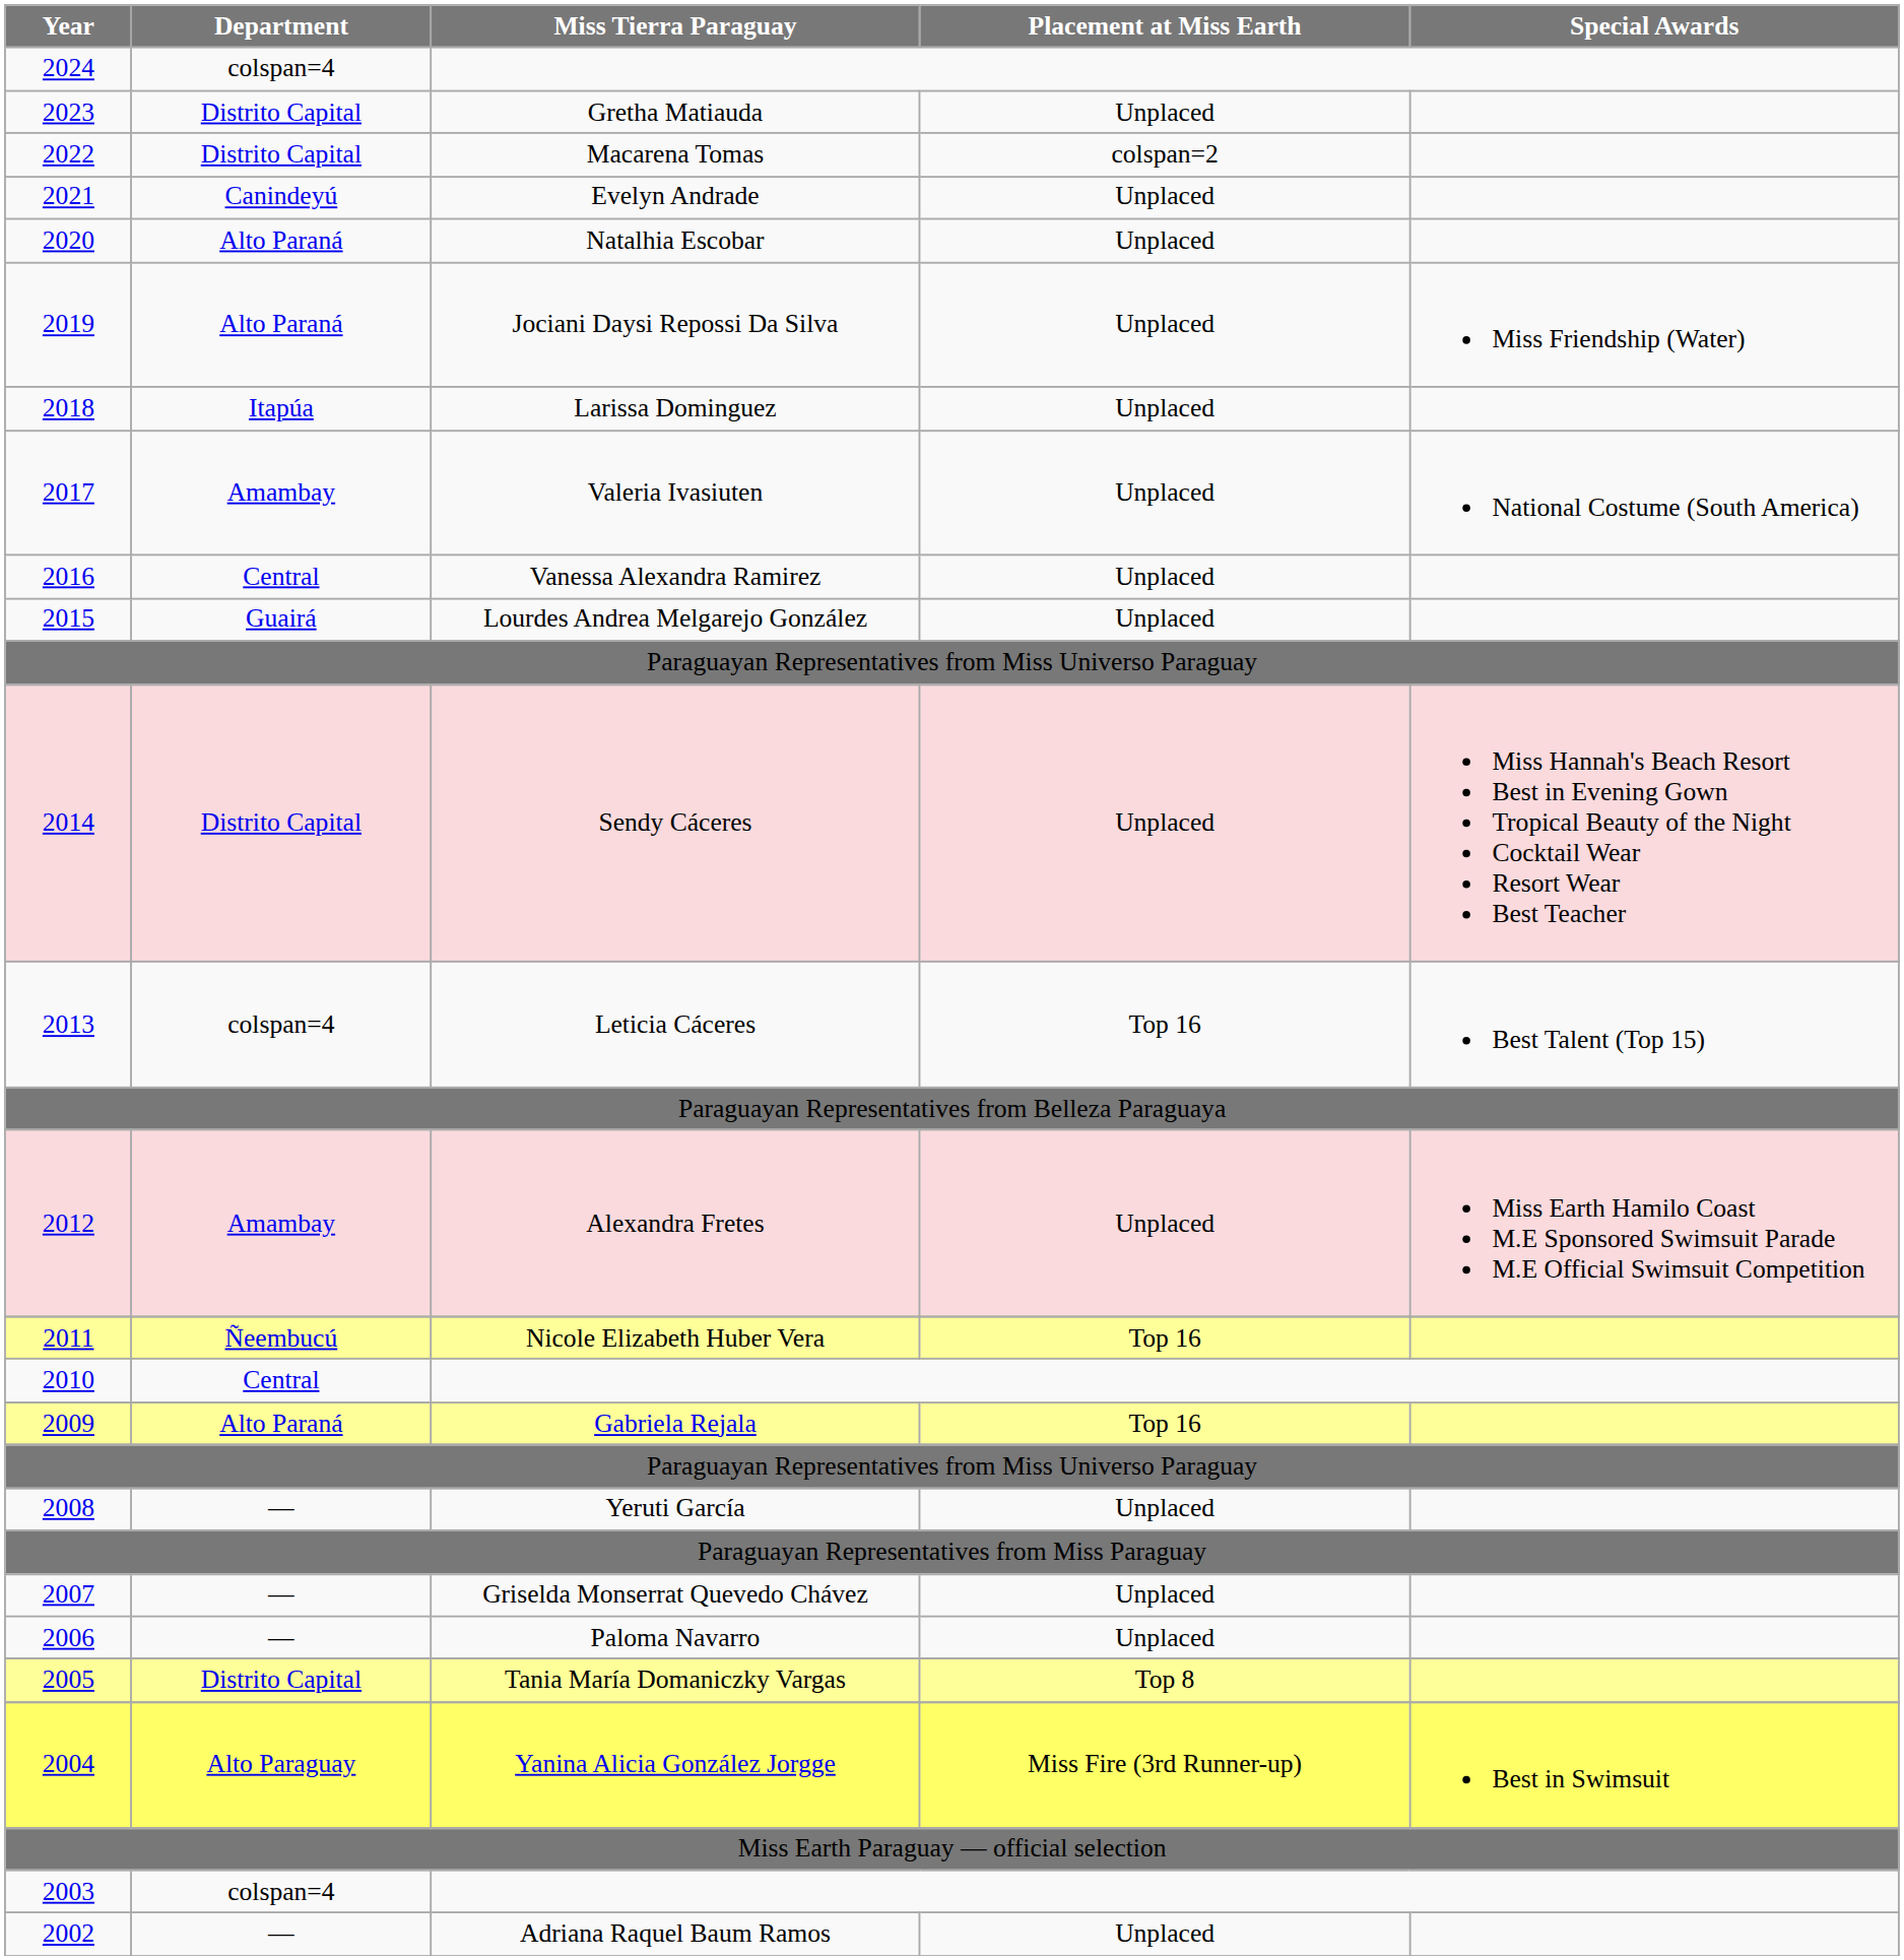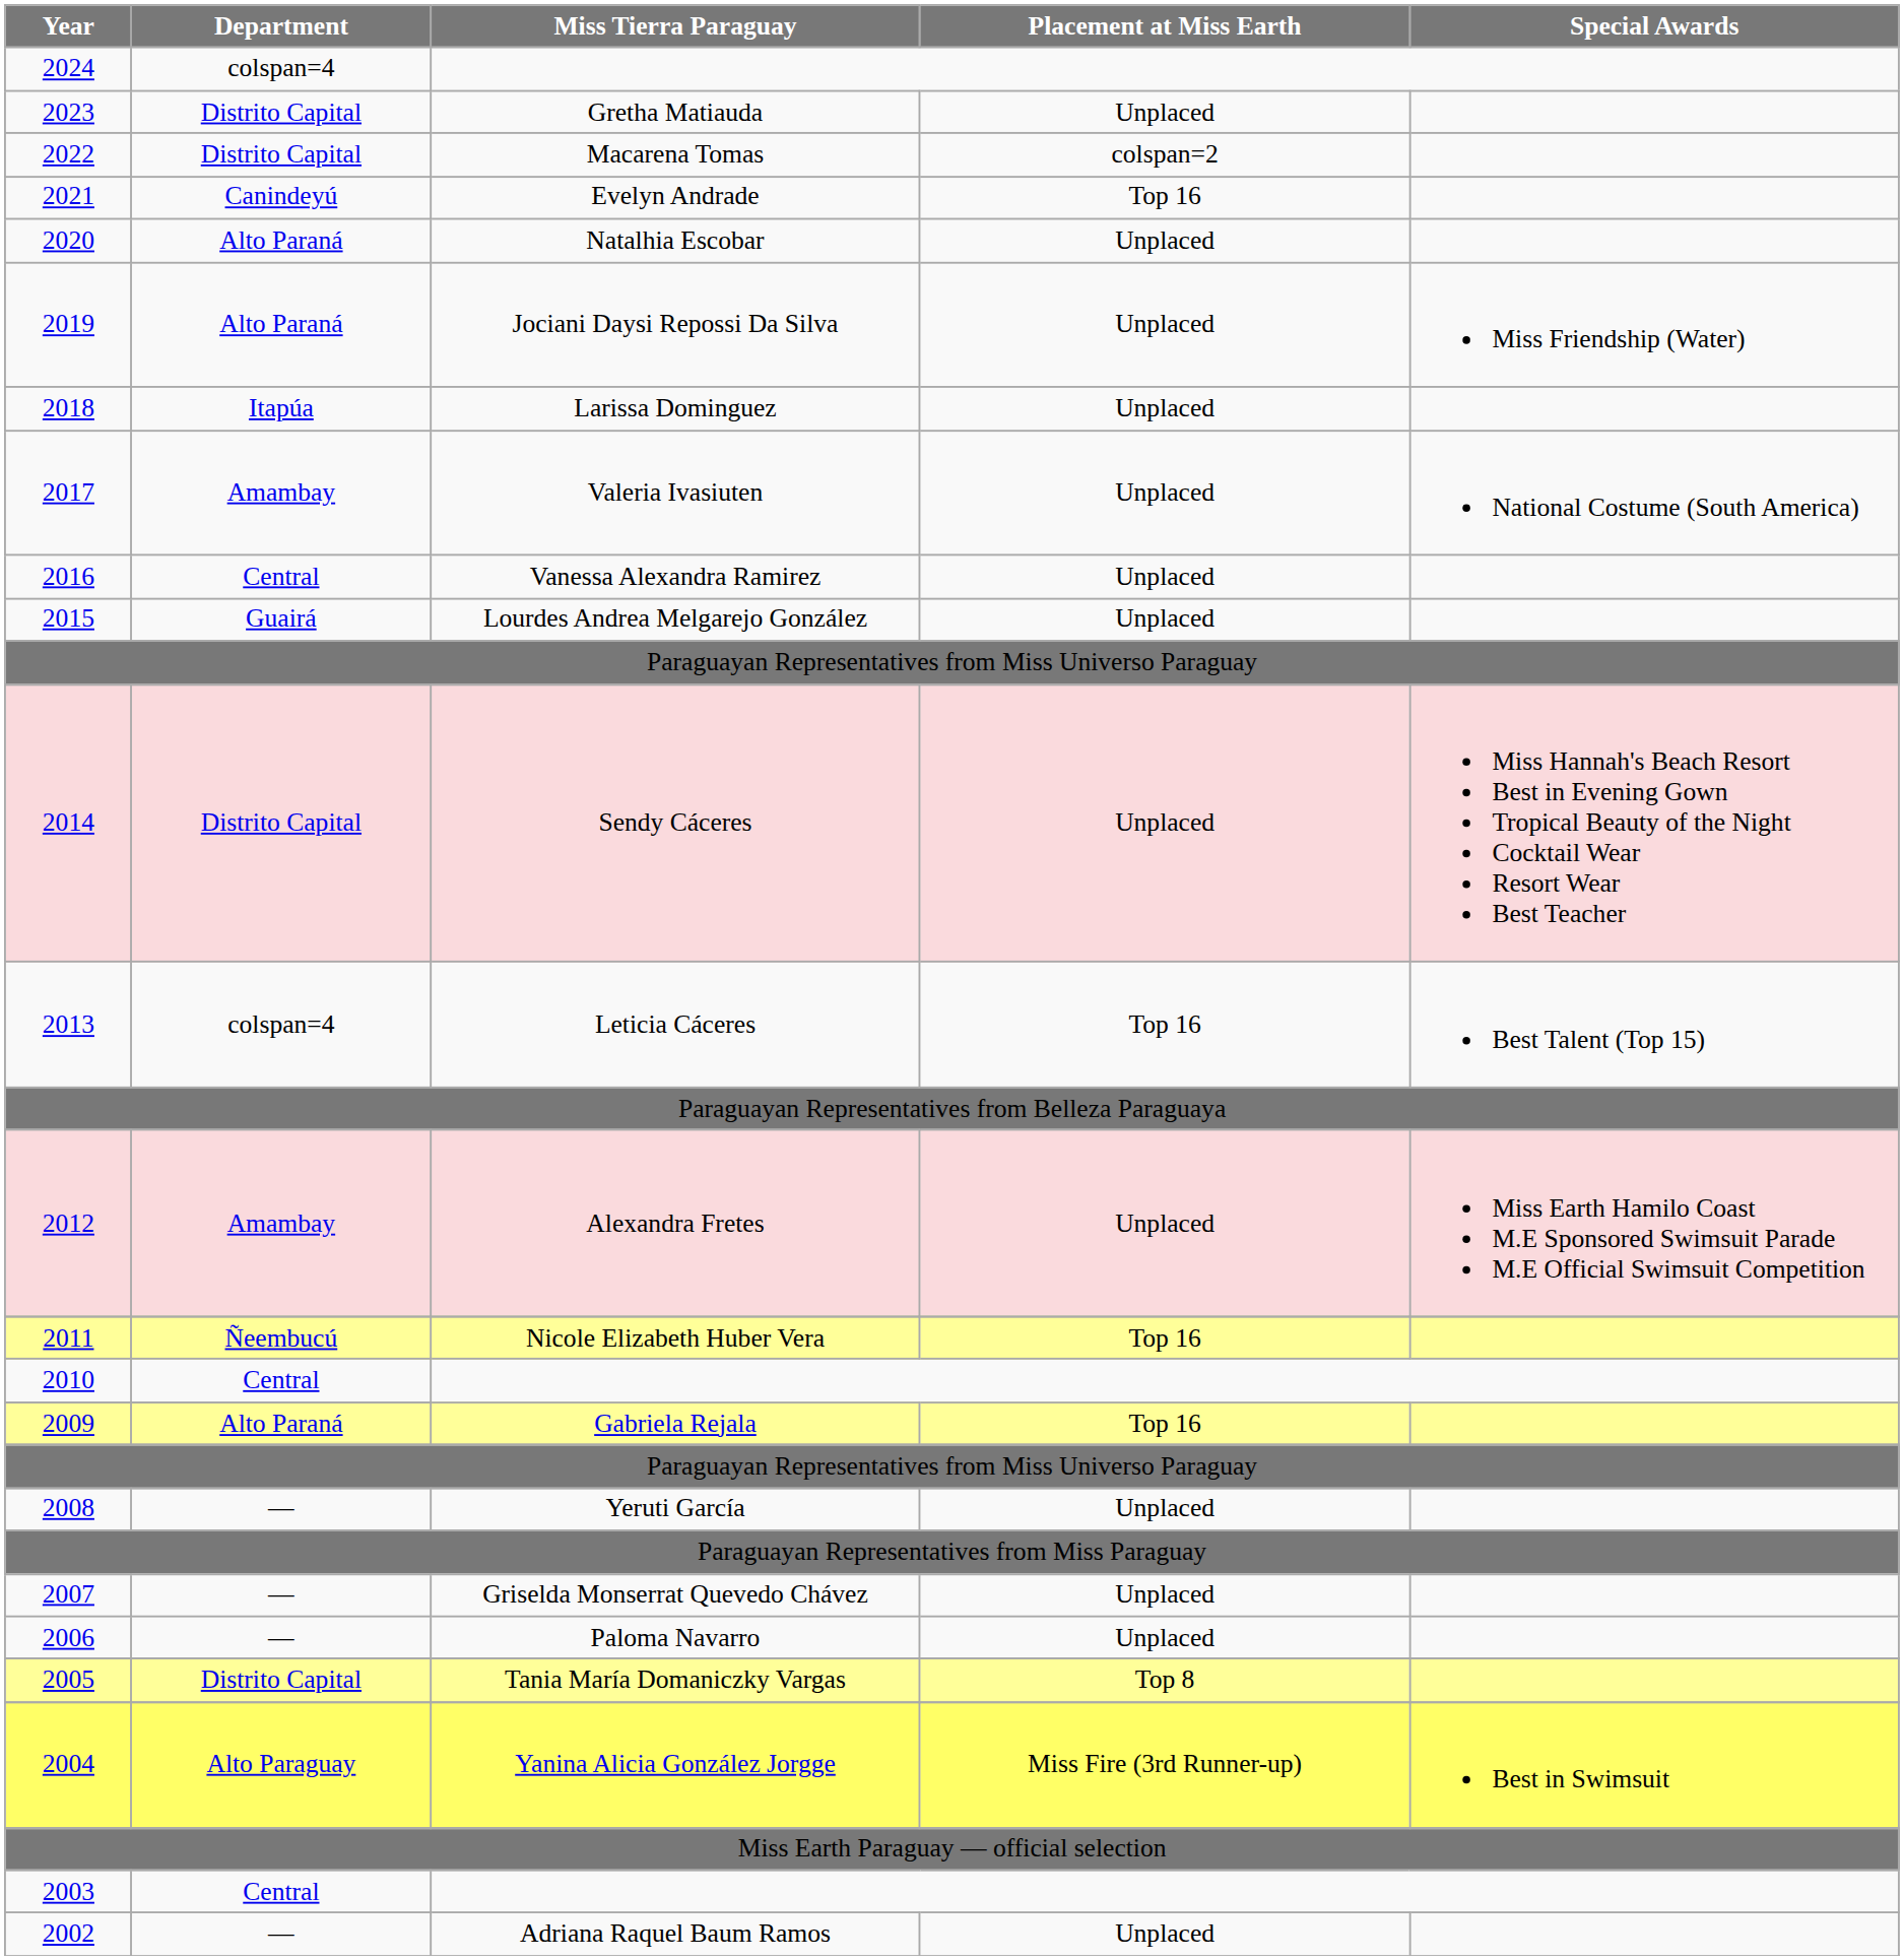 <table class="wikitable " style="font-size: 85%; text-align:center">
 <tr>
 <th width="60" style="background-color:#787878;color:#FFFFFF;">Year</th>
 <th width="150" style="background-color:#787878;color:#FFFFFF;">Department</th>
 <th width="250" style="background-color:#787878;color:#FFFFFF;">Miss Tierra Paraguay</th>
 <th width="250" style="background-color:#787878;color:#FFFFFF;">Placement at Miss Earth</th>
 <th width="250" style="background-color:#787878;color:#FFFFFF;">Special Awards</th>
 </tr>
 <tr>
 <td><a href='#'>2024</a></td>
 <td>colspan=4 </td>
 </tr>
 <tr>
 <td><a href='#'>2023</a></td>
 <td><a href='#'>Distrito Capital</a></td>
 <td>Gretha Matiauda</td>
 <td>Unplaced</td>
 <td></td>
 </tr>
 <tr>
 <td><a href='#'>2022</a></td>
 <td><a href='#'>Distrito Capital</a></td>
 <td>Macarena Tomas</td>
 <td>colspan=2 </td>
 </tr>
 <tr>
 <td><a href='#'>2021</a></td>
 <td><a href='#'>Canindeyú</a></td>
 <td>Evelyn Andrade</td>
-<td>Unplaced</td>
+<td>Top 16</td>
 <td></td>
 </tr>
 <tr>
 <td><a href='#'>2020</a></td>
 <td><a href='#'>Alto Paraná</a></td>
 <td>Natalhia Escobar</td>
 <td>Unplaced</td>
 <td></td>
 </tr>
 <tr>
 <td><a href='#'>2019</a></td>
 <td><a href='#'>Alto Paraná</a></td>
 <td>Jociani Daysi Repossi Da Silva</td>
 <td>Unplaced</td>
 <td align="left"><br><ul><li> Miss Friendship (Water)</li></ul></td>
 </tr>
 <tr>
 <td><a href='#'>2018</a></td>
 <td><a href='#'>Itapúa</a></td>
 <td>Larissa Dominguez</td>
 <td>Unplaced</td>
 <td></td>
 </tr>
 <tr>
 <td><a href='#'>2017</a></td>
 <td><a href='#'>Amambay</a></td>
 <td>Valeria Ivasiuten</td>
 <td>Unplaced</td>
 <td align="left"><br><ul><li> National Costume (South America)</li></ul></td>
 </tr>
 <tr>
 <td><a href='#'>2016</a></td>
 <td><a href='#'>Central</a></td>
 <td>Vanessa Alexandra Ramirez</td>
 <td>Unplaced</td>
 <td></td>
 </tr>
 <tr>
 <td><a href='#'>2015</a></td>
 <td><a href='#'>Guairá</a></td>
 <td>Lourdes Andrea Melgarejo González</td>
 <td>Unplaced</td>
 <td></td>
 </tr>
 <tr>
 </tr>
 <tr bgcolor="#787878" align="center">
 <td colspan="5"><span>Paraguayan Representatives from Miss Universo Paraguay</span></td>
 </tr>
 <tr>
 </tr>
 <tr style="background-color:#FADADD;">
 <td><a href='#'>2014</a></td>
 <td><a href='#'>Distrito Capital</a></td>
 <td>Sendy Cáceres</td>
 <td>Unplaced</td>
 <td align="left"><br><ul><li>Miss Hannah's Beach Resort</li><li>Best in Evening Gown</li><li>Tropical Beauty of the Night</li><li> Cocktail Wear</li><li> Resort Wear</li><li> Best Teacher</li></ul></td>
 </tr>
 <tr>
 <td><a href='#'>2013</a></td>
 <td>colspan=4 </td>
 <td>Leticia Cáceres</td>
 <td>Top 16</td>
 <td align="left"><br><ul><li>Best Talent (Top 15)</li></ul></td>
 </tr>
 <tr>
 </tr>
 <tr bgcolor="#787878" align="center">
 <td colspan="5"><span>Paraguayan Representatives from Belleza Paraguaya</span></td>
 </tr>
 <tr>
 </tr>
 <tr style="background-color:#FADADD;">
 <td><a href='#'>2012</a></td>
 <td><a href='#'>Amambay</a></td>
 <td>Alexandra Fretes</td>
 <td>Unplaced</td>
 <td align="left"><br><ul><li>Miss Earth Hamilo Coast</li><li> M.E Sponsored Swimsuit Parade</li><li> M.E Official Swimsuit Competition</li></ul></td>
 </tr>
 <tr>
 </tr>
 <tr style="background-color:#FFFF99;">
 <td><a href='#'>2011</a></td>
 <td><a href='#'>Ñeembucú</a></td>
 <td>Nicole Elizabeth Huber Vera</td>
 <td>Top 16</td>
 <td></td>
 </tr>
 <tr>
 <td><a href='#'>2010</a></td>
 <td><a href='#'>Central</a></td>
 </tr>
 <tr>
 </tr>
 <tr style="background-color:#FFFF99;">
 <td><a href='#'>2009</a></td>
 <td><a href='#'>Alto Paraná</a></td>
 <td><a href='#'>Gabriela Rejala</a></td>
 <td>Top 16</td>
 <td></td>
 </tr>
 <tr>
 </tr>
 <tr bgcolor="#787878" align="center">
 <td colspan="5"><span>Paraguayan Representatives from Miss Universo Paraguay</span></td>
 </tr>
 <tr>
 <td><a href='#'>2008</a></td>
 <td>—</td>
 <td>Yeruti García</td>
 <td>Unplaced</td>
 <td></td>
 </tr>
 <tr>
 </tr>
 <tr bgcolor="#787878" align="center">
 <td colspan="5"><span>Paraguayan Representatives from Miss Paraguay</span></td>
 </tr>
 <tr>
 <td><a href='#'>2007</a></td>
 <td>—</td>
 <td>Griselda Monserrat Quevedo Chávez</td>
 <td>Unplaced</td>
 <td></td>
 </tr>
 <tr>
 <td><a href='#'>2006</a></td>
 <td>—</td>
 <td>Paloma Navarro</td>
 <td>Unplaced</td>
 <td></td>
 </tr>
 <tr>
 </tr>
 <tr style="background-color:#FFFF99;">
 <td><a href='#'>2005</a></td>
 <td><a href='#'>Distrito Capital</a></td>
 <td>Tania María Domaniczky Vargas</td>
 <td>Top 8</td>
 <td></td>
 </tr>
 <tr>
 </tr>
 <tr style="background-color:#FFFF66;">
 <td><a href='#'>2004</a></td>
 <td><a href='#'>Alto Paraguay</a></td>
 <td><a href='#'>Yanina Alicia González Jorgge</a></td>
 <td>Miss Fire (3rd Runner-up)</td>
 <td align="left"><br><ul><li>Best in Swimsuit</li></ul></td>
 </tr>
 <tr>
 </tr>
 <tr bgcolor="#787878" align="center">
 <td colspan="5"><span>Miss Earth Paraguay — official selection</span></td>
 </tr>
 <tr>
 <td><a href='#'>2003</a></td>
-<td>colspan=4 </td>
+<td><a href='#'>Central</a></td>
 </tr>
 <tr>
 <td><a href='#'>2002</a></td>
 <td>—</td>
 <td>Adriana Raquel Baum Ramos</td>
 <td>Unplaced</td>
 <td></td>
 </tr>
 <tr>
 </tr>
 </table>
